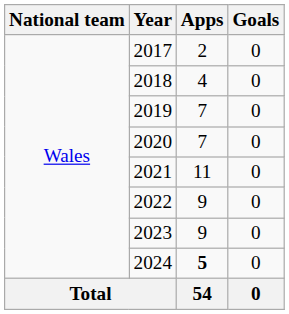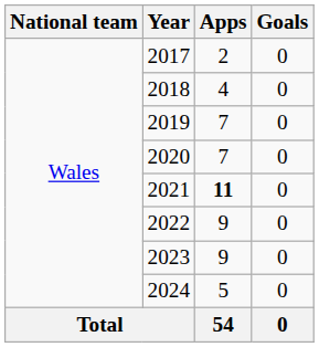 <table class=wikitable style=text-align:center>
 <tr>
 <th>National team</th>
 <th>Year</th>
 <th>Apps</th>
 <th>Goals</th>
 </tr>
 <tr>
 <td rowspan=8><a href='#'>Wales</a></td>
 <td>2017</td>
 <td>2</td>
 <td>0</td>
 </tr>
 <tr>
 <td>2018</td>
 <td>4</td>
 <td>0</td>
 </tr>
 <tr>
 <td>2019</td>
 <td>7</td>
 <td>0</td>
 </tr>
 <tr>
 <td>2020</td>
 <td>7</td>
 <td>0</td>
 </tr>
 <tr>
 <td>2021</td>
-<td>11</td>
+<td><strong>11</strong></td>
 <td>0</td>
 </tr>
 <tr>
 <td>2022</td>
 <td>9</td>
 <td>0</td>
 </tr>
 <tr>
 <td>2023</td>
 <td>9</td>
 <td>0</td>
 </tr>
 <tr>
 <td>2024</td>
-<td><strong>5</strong></td>
+<td>5</td>
 <td>0</td>
 </tr>
 <tr>
 <th colspan=2>Total</th>
 <th>54</th>
 <th>0</th>
 </tr>
 </table>
